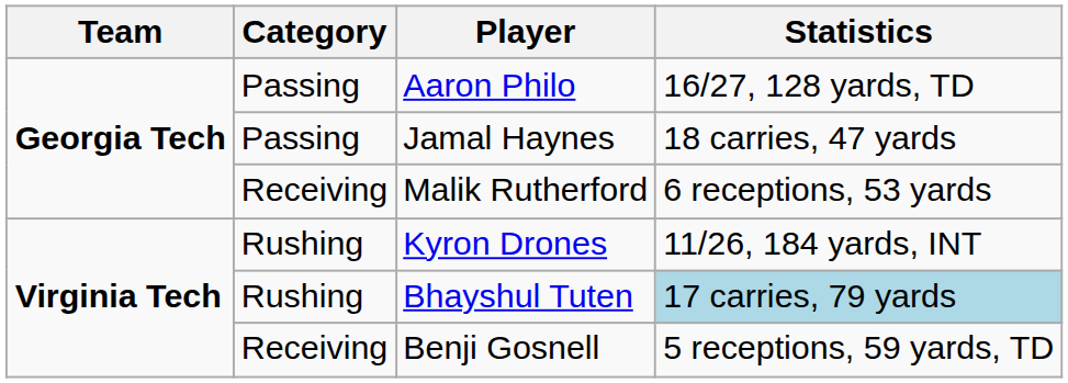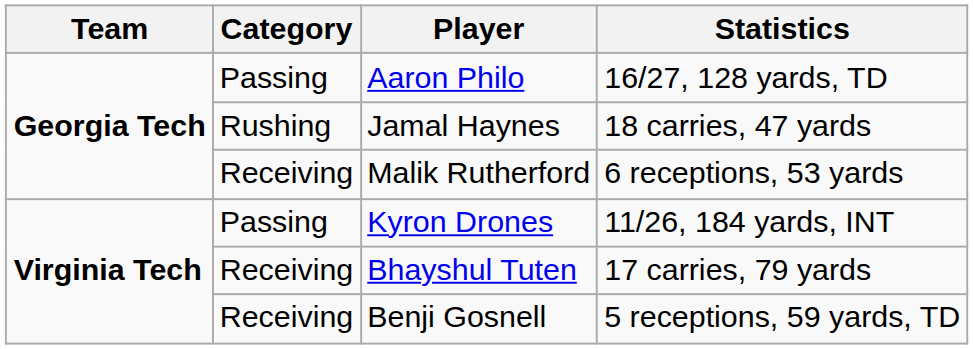 <table class="wikitable" style="float: right;">
 <tr>
 <th>Team</th>
 <th>Category</th>
 <th>Player</th>
 <th>Statistics</th>
 </tr>
 <tr>
 <td rowspan=3><strong>Georgia Tech</strong></td>
 <td>Passing</td>
 <td><a href='#'>Aaron Philo</a></td>
 <td>16/27, 128 yards, TD</td>
 </tr>
 <tr>
-<td>Passing</td>
+<td>Rushing</td>
 <td>Jamal Haynes</td>
 <td>18 carries, 47 yards</td>
 </tr>
 <tr>
 <td>Receiving</td>
 <td>Malik Rutherford</td>
 <td>6 receptions, 53 yards</td>
 </tr>
 <tr>
 <td rowspan=3><strong>Virginia Tech</strong></td>
-<td>Rushing</td>
+<td>Passing</td>
 <td><a href='#'>Kyron Drones</a></td>
 <td>11/26, 184 yards, INT</td>
 </tr>
 <tr>
-<td>Rushing</td>
+<td>Receiving</td>
 <td><a href='#'>Bhayshul Tuten</a></td>
-<td style="background: lightblue;">17 carries, 79 yards</td>
+<td>17 carries, 79 yards</td>
 </tr>
 <tr>
 <td>Receiving</td>
 <td>Benji Gosnell</td>
 <td>5 receptions, 59 yards, TD</td>
 </tr>
 </table>
